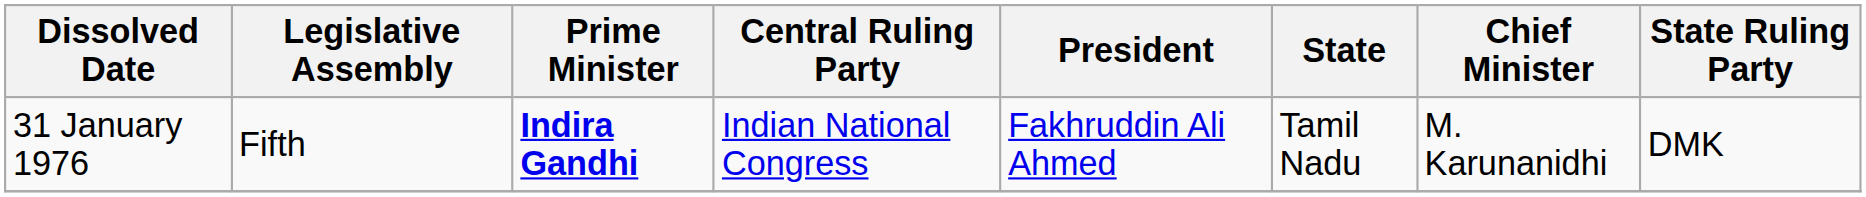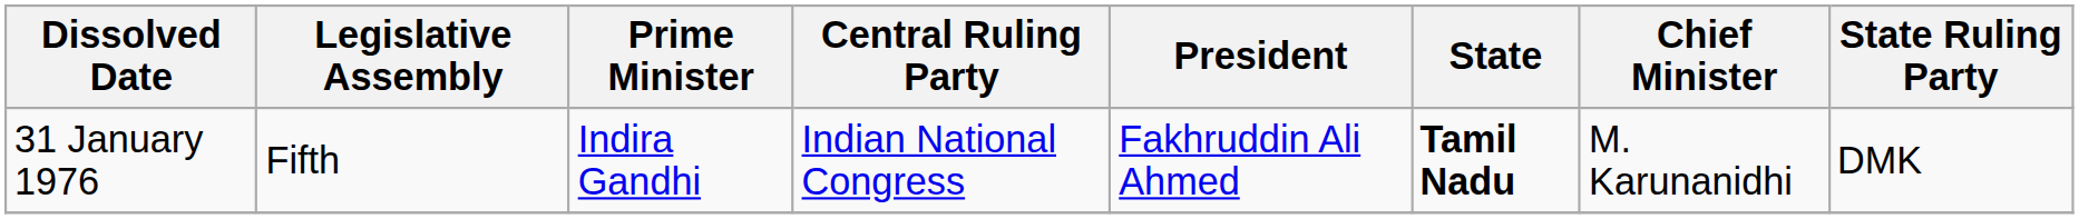 <table class="wikitable sortable">
 <tr>
 <th>Dissolved Date</th>
 <th>Legislative Assembly</th>
 <th>Prime Minister</th>
 <th>Central Ruling Party</th>
 <th>President</th>
 <th>State</th>
 <th>Chief Minister</th>
 <th>State Ruling Party</th>
 </tr>
 <tr>
 <td>31 January 1976</td>
 <td>Fifth</td>
-<td><strong><a href='#'>Indira Gandhi</a></strong></td>
+<td><a href='#'>Indira Gandhi</a></td>
 <td><a href='#'>Indian National Congress</a></td>
 <td><a href='#'>Fakhruddin Ali Ahmed</a></td>
-<td>Tamil Nadu</td>
+<td><strong>Tamil Nadu</strong></td>
 <td>M. Karunanidhi</td>
 <td>DMK</td>
 </tr>
 <tr>
 </tr>
 </table>
